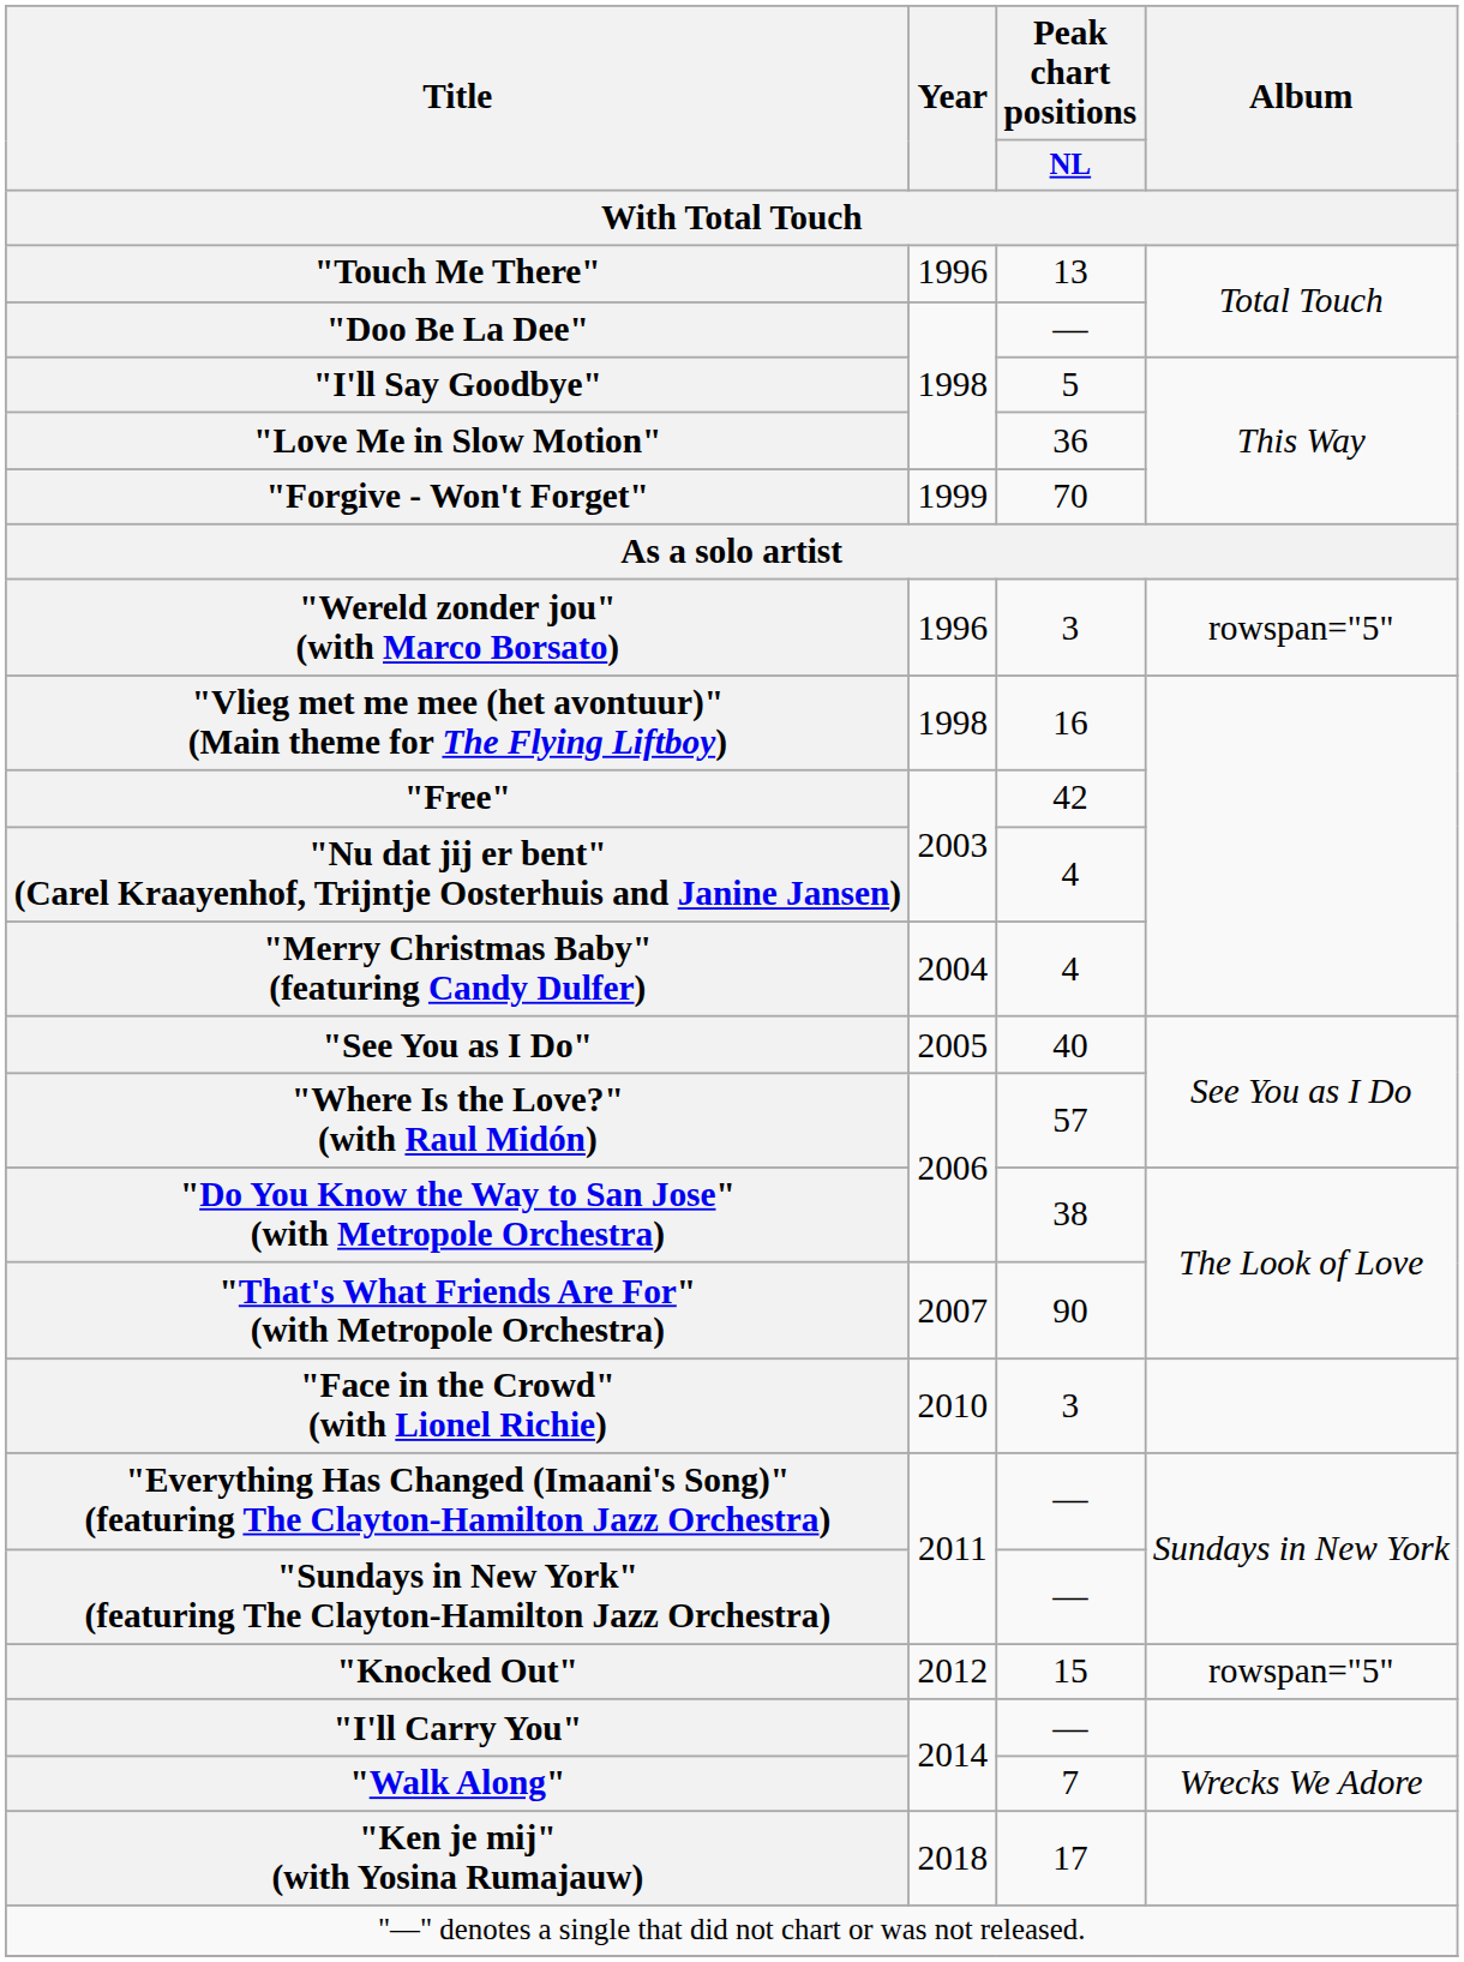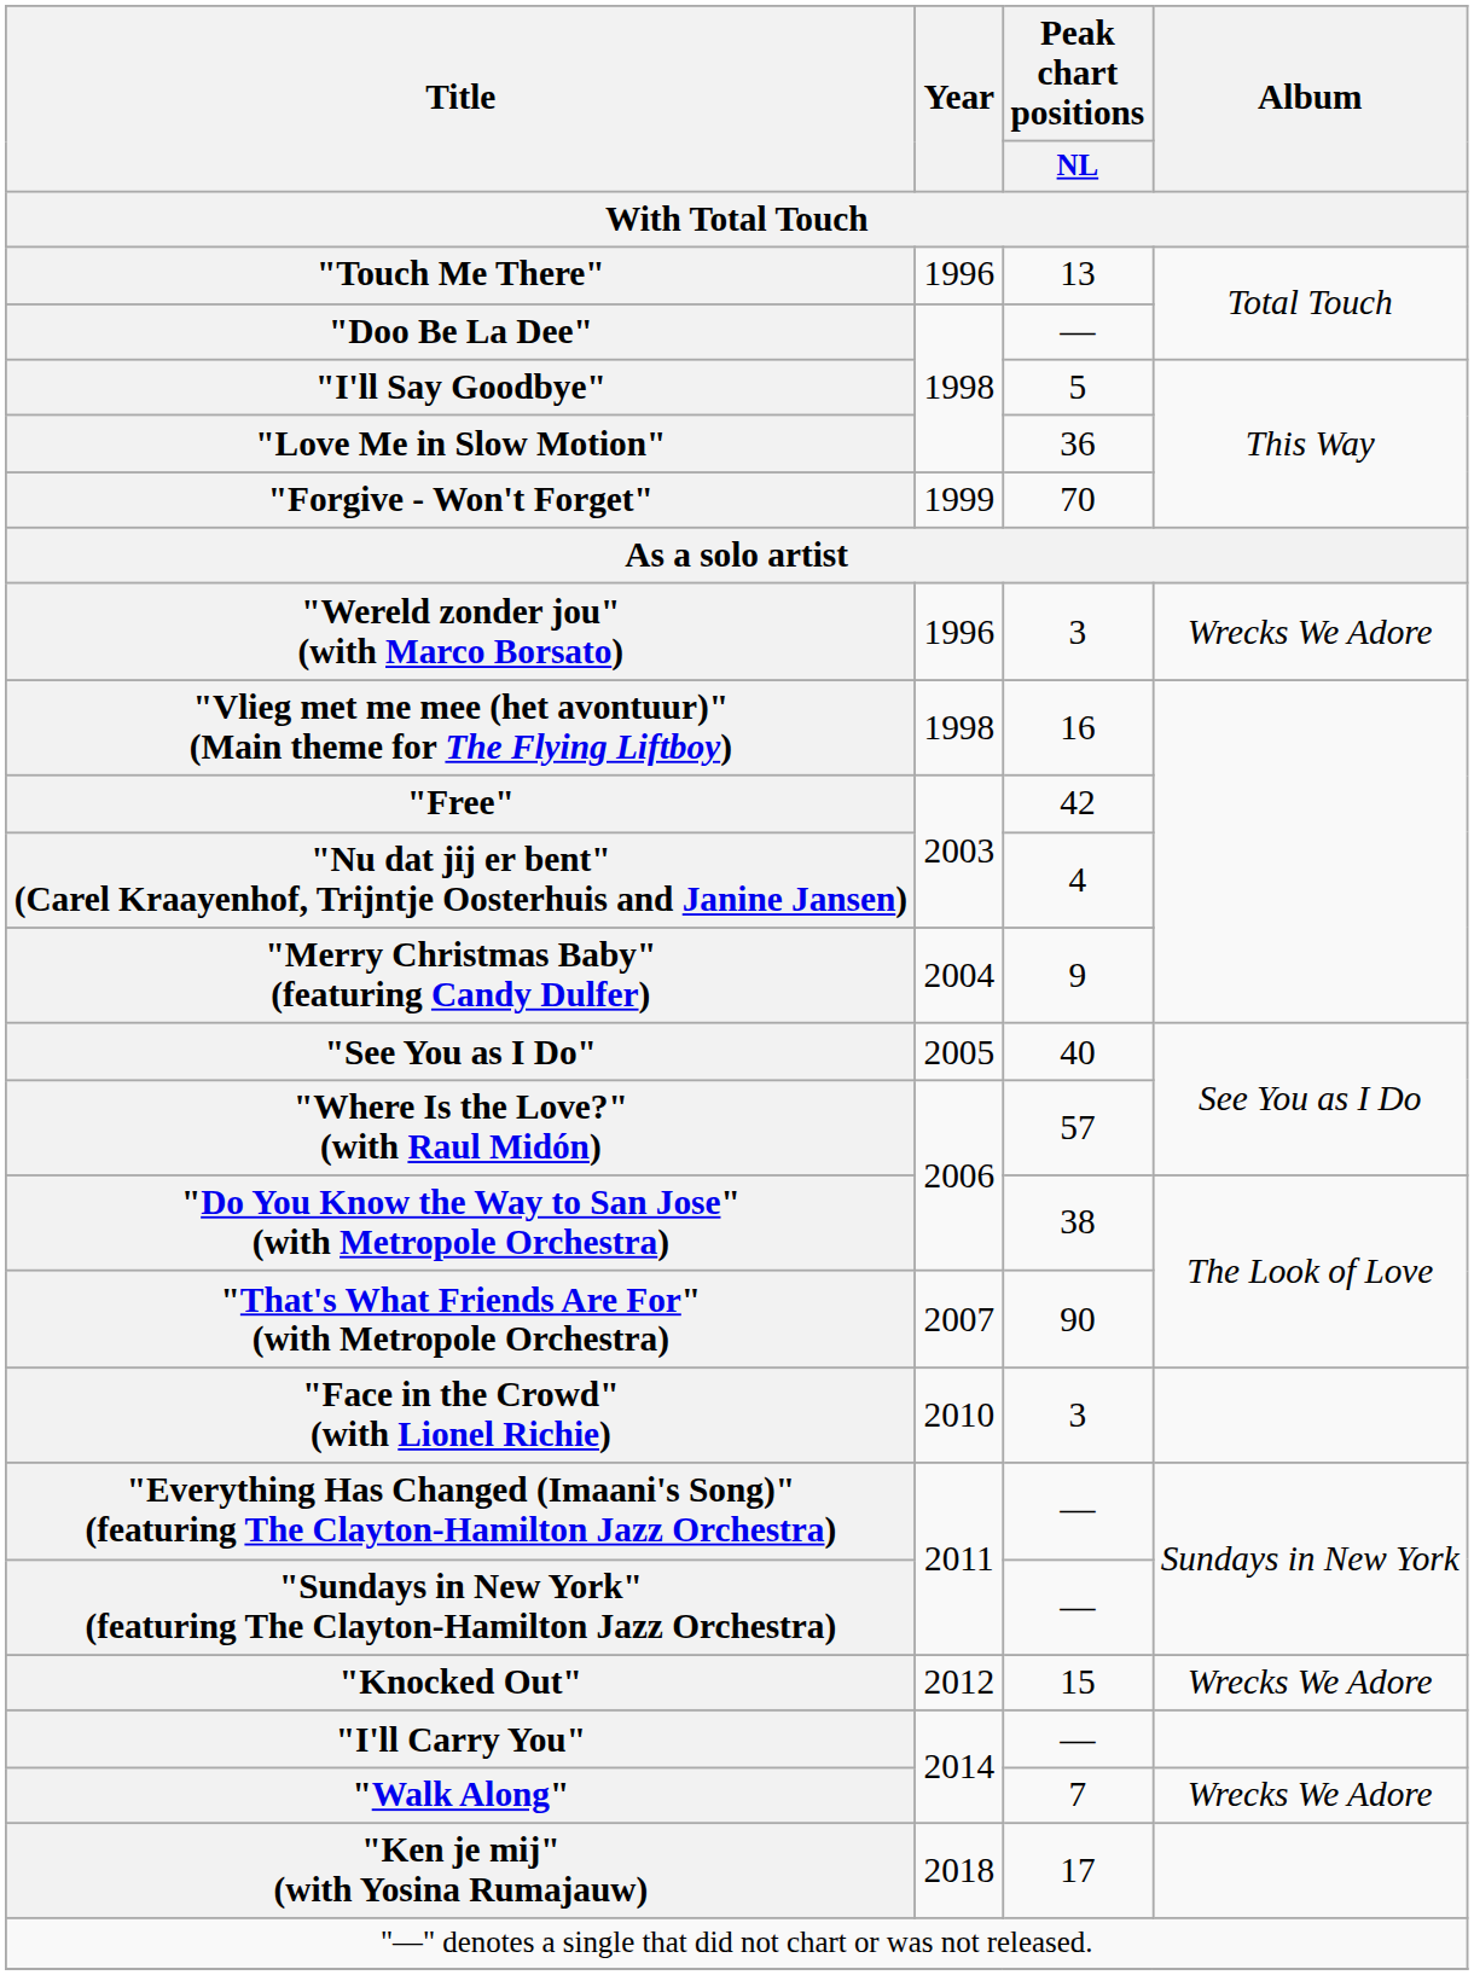 <table class="wikitable plainrowheaders" style="text-align:center;">
 <tr>
 <th scope="col" rowspan="2">Title</th>
 <th scope="col" rowspan="2">Year</th>
 <th scope="col" colspan="1">Peak chart positions</th>
 <th scope="col" rowspan="2">Album</th>
 </tr>
 <tr>
 <th scope="col" style="width:3em;font-size:85%;"><a href='#'>NL</a><br></th>
 </tr>
 <tr>
 <th colspan="20">With Total Touch</th>
 </tr>
 <tr>
 <th scope="row">"Touch Me There"</th>
 <td>1996</td>
 <td>13</td>
 <td rowspan="2"><em>Total Touch</em></td>
 </tr>
 <tr>
 <th scope="row">"Doo Be La Dee"</th>
 <td rowspan="3">1998</td>
 <td>—</td>
 </tr>
 <tr>
 <th scope="row">"I'll Say Goodbye"</th>
 <td>5</td>
 <td rowspan="3"><em>This Way</em></td>
 </tr>
 <tr>
 <th scope="row">"Love Me in Slow Motion"</th>
 <td>36</td>
 </tr>
 <tr>
 <th scope="row">"Forgive - Won't Forget"</th>
 <td>1999</td>
 <td>70</td>
 </tr>
 <tr>
 <th colspan="20">As a solo artist</th>
 </tr>
 <tr>
 <th scope="row">"Wereld zonder jou"<br><span>(with <a href='#'>Marco Borsato</a>)</span></th>
 <td>1996</td>
 <td>3</td>
-<td>rowspan="5" </td>
+<td><em>Wrecks We Adore</em></td>
 </tr>
 <tr>
 <th scope="row">"Vlieg met me mee (het avontuur)"<br><span>(Main theme for <em><a href='#'>The Flying Liftboy</a></em>)</span></th>
 <td>1998</td>
 <td>16</td>
 </tr>
 <tr>
 <th scope="row">"Free"</th>
 <td rowspan="2">2003</td>
 <td>42</td>
 </tr>
 <tr>
 <th scope="row">"Nu dat jij er bent"<br><span>(Carel Kraayenhof, Trijntje Oosterhuis and <a href='#'>Janine Jansen</a>)</span></th>
 <td>4</td>
 </tr>
 <tr>
 <th scope="row">"Merry Christmas Baby"<br><span>(featuring <a href='#'>Candy Dulfer</a>)</span></th>
 <td>2004</td>
-<td>4</td>
+<td>9</td>
 </tr>
 <tr>
 <th scope="row">"See You as I Do"</th>
 <td>2005</td>
 <td>40</td>
 <td rowspan="2"><em>See You as I Do</em></td>
 </tr>
 <tr>
 <th scope="row">"Where Is the Love?"<br><span>(with <a href='#'>Raul Midón</a>)</span></th>
 <td rowspan="2">2006</td>
 <td>57</td>
 </tr>
 <tr>
 <th scope="row">"<a href='#'>Do You Know the Way to San Jose</a>"<br><span>(with <a href='#'>Metropole Orchestra</a>)</span></th>
 <td>38</td>
 <td rowspan="2"><em>The Look of Love</em></td>
 </tr>
 <tr>
 <th scope="row">"<a href='#'>That's What Friends Are For</a>"<br><span>(with Metropole Orchestra)</span></th>
 <td>2007</td>
 <td>90</td>
 </tr>
 <tr>
 <th scope="row">"Face in the Crowd"<br><span>(with <a href='#'>Lionel Richie</a>)</span></th>
 <td>2010</td>
 <td>3</td>
 <td></td>
 </tr>
 <tr>
 <th scope="row">"Everything Has Changed (Imaani's Song)"<br><span>(featuring <a href='#'>The Clayton-Hamilton Jazz Orchestra</a>)</span></th>
 <td rowspan="2">2011</td>
 <td>—</td>
 <td rowspan="2"><em>Sundays in New York</em></td>
 </tr>
 <tr>
 <th scope="row">"Sundays in New York"<br><span>(featuring The Clayton-Hamilton Jazz Orchestra)</span></th>
 <td>—</td>
 </tr>
 <tr>
 <th scope="row">"Knocked Out"</th>
 <td>2012</td>
 <td>15</td>
-<td>rowspan="5" </td>
+<td><em>Wrecks We Adore</em></td>
 </tr>
 <tr>
 <th scope="row">"I'll Carry You"</th>
 <td rowspan="2">2014</td>
 <td>—</td>
 <td></td>
 </tr>
 <tr>
 <th scope="row">"<a href='#'>Walk Along</a>"</th>
 <td>7</td>
 <td><em>Wrecks We Adore</em></td>
 </tr>
 <tr>
 <th scope="row">"Ken je mij"<br><span>(with Yosina Rumajauw)</span></th>
 <td>2018</td>
 <td>17</td>
 <td></td>
 </tr>
 <tr>
 <td colspan="13" style="font-size:85%">"—" denotes a single that did not chart or was not released.</td>
 </tr>
 <tr>
 </tr>
 </table>
